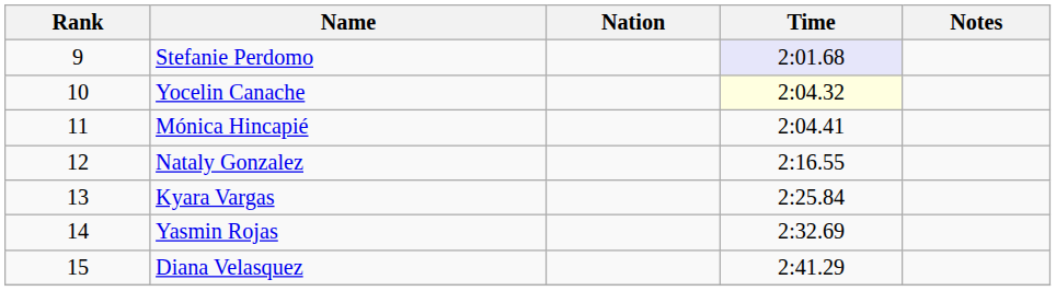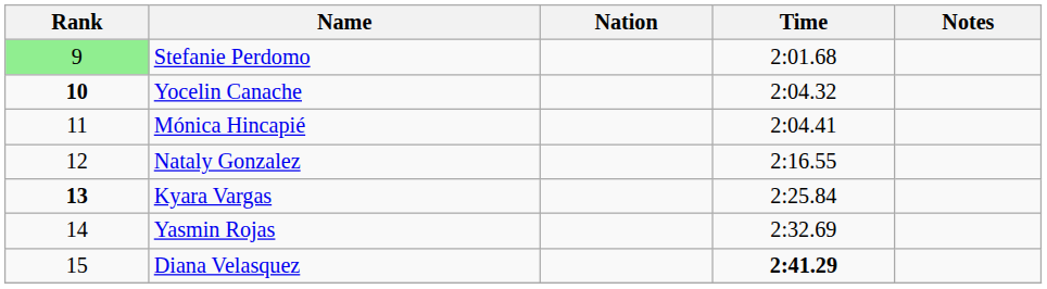 <table class="wikitable sortable" style="text-align:center" width=60%>
 <tr>
 <th>Rank</th>
 <th>Name</th>
 <th>Nation</th>
 <th>Time</th>
 <th>Notes</th>
 </tr>
 <tr>
-<td>9</td>
+<td style="background: lightgreen;">9</td>
 <td align=left><a href='#'>Stefanie Perdomo</a></td>
 <td align=left></td>
-<td style="background: lavender;">2:01.68</td>
+<td>2:01.68</td>
 <td></td>
 </tr>
 <tr>
-<td>10</td>
+<td><strong>10</strong></td>
 <td align=left><a href='#'>Yocelin Canache</a></td>
 <td align=left></td>
-<td style="background: lightyellow;">2:04.32</td>
+<td>2:04.32</td>
 <td></td>
 </tr>
 <tr>
 <td>11</td>
 <td align=left><a href='#'>Mónica Hincapié</a></td>
 <td align=left></td>
 <td>2:04.41</td>
 <td></td>
 </tr>
 <tr>
 <td>12</td>
 <td align=left><a href='#'>Nataly Gonzalez</a></td>
 <td align=left></td>
 <td>2:16.55</td>
 <td></td>
 </tr>
 <tr>
-<td>13</td>
+<td><strong>13</strong></td>
 <td align=left><a href='#'>Kyara Vargas</a></td>
 <td align=left></td>
 <td>2:25.84</td>
 <td></td>
 </tr>
 <tr>
 <td>14</td>
 <td align=left><a href='#'>Yasmin Rojas</a></td>
 <td align=left></td>
 <td>2:32.69</td>
 <td></td>
 </tr>
 <tr>
 <td>15</td>
 <td align=left><a href='#'>Diana Velasquez</a></td>
 <td align=left></td>
-<td>2:41.29</td>
+<td><strong>2:41.29</strong></td>
 <td></td>
 </tr>
 <tr>
 </tr>
 </table>
